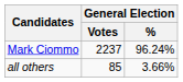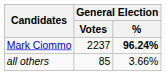 <table class=wikitable>
 <tr>
 <th colspan=1 rowspan=2><strong>Candidates</strong></th>
 <th colspan=2><strong>General Election</strong></th>
 </tr>
 <tr>
 <th>Votes</th>
 <th>%</th>
 </tr>
 <tr>
 <td><a href='#'>Mark Ciommo</a></td>
 <td align="right">2237</td>
-<td align="right">96.24%</td>
+<td align="right"><strong>96.24%</strong></td>
 </tr>
 <tr>
 <td><em>all others</em></td>
 <td align="right">85</td>
 <td align="right">3.66%</td>
 </tr>
 </table>
